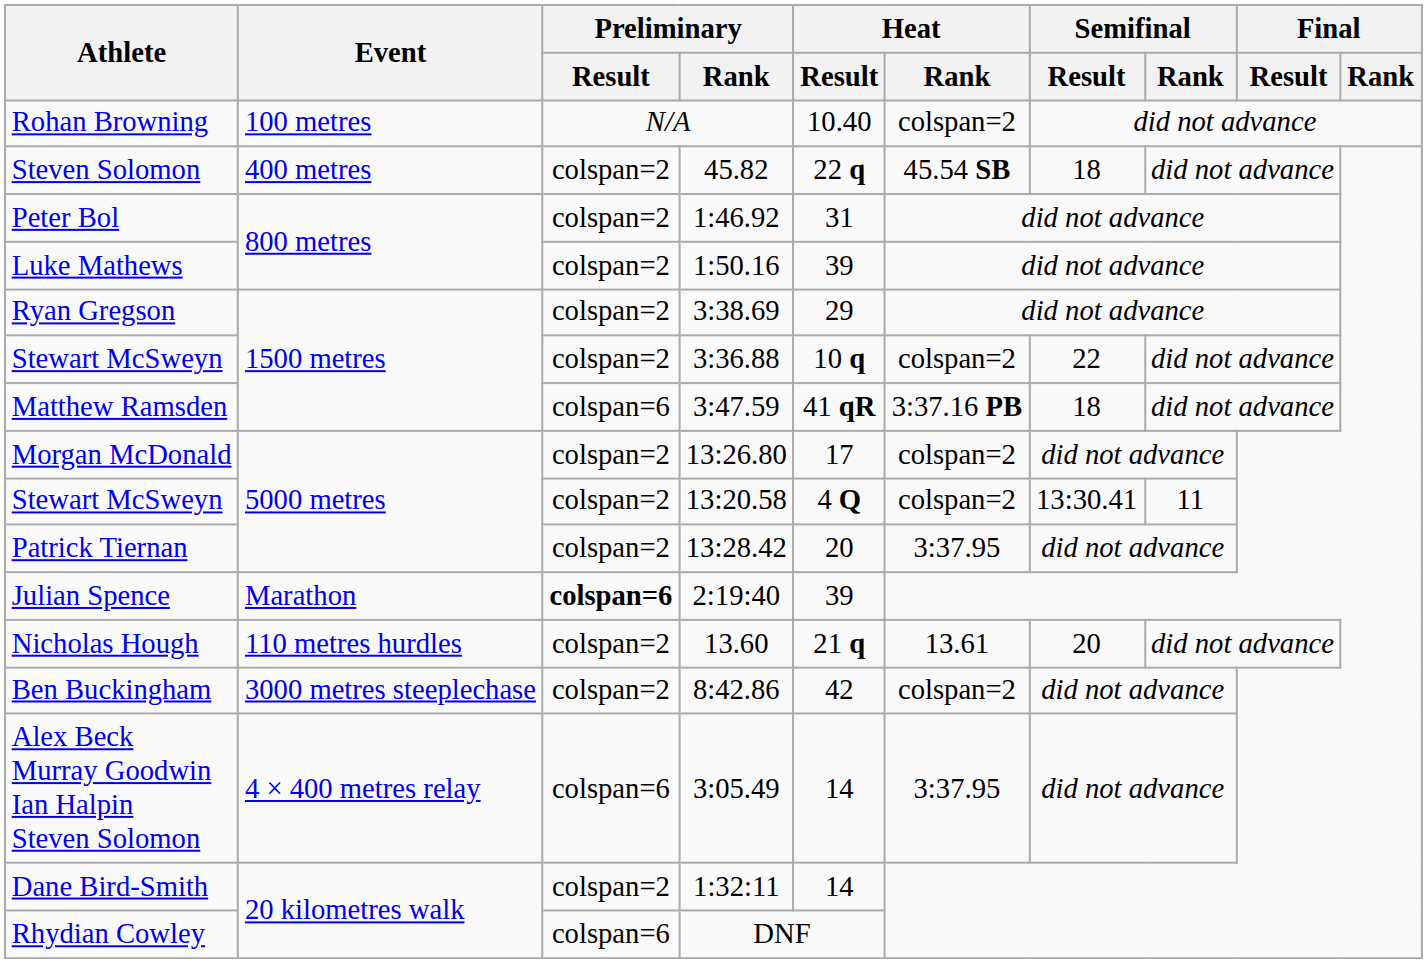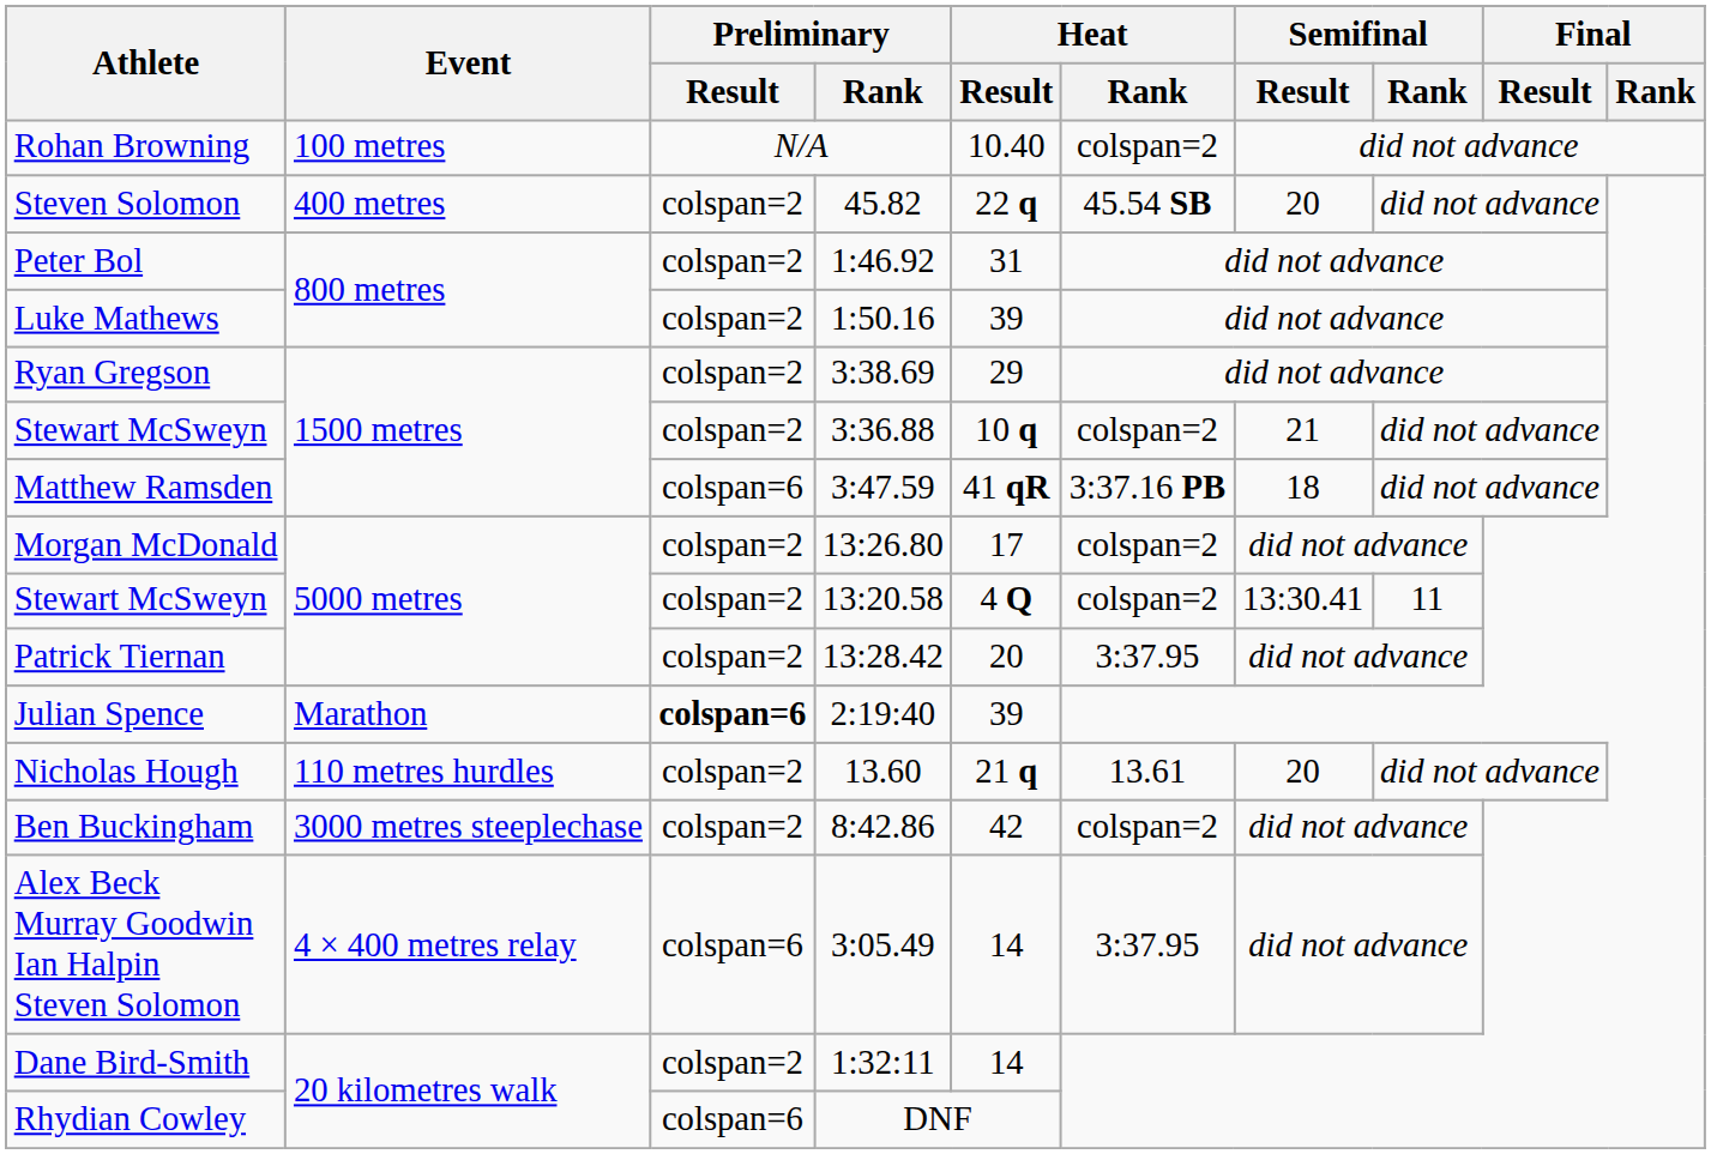 <table class="wikitable"  style=font-size:90%>
 <tr>
 <th rowspan="2">Athlete</th>
 <th rowspan="2">Event</th>
 <th colspan="2">Preliminary</th>
 <th colspan="2">Heat</th>
 <th colspan="2">Semifinal</th>
 <th colspan="2">Final</th>
 </tr>
 <tr>
 <th>Result</th>
 <th>Rank</th>
 <th>Result</th>
 <th>Rank</th>
 <th>Result</th>
 <th>Rank</th>
 <th>Result</th>
 <th>Rank</th>
 </tr>
 <tr style=text-align:center>
 <td style=text-align:left><a href='#'>Rohan Browning</a></td>
 <td style=text-align:left><a href='#'>100 metres</a></td>
 <td colspan="2"><em>N/A</em></td>
 <td>10.40</td>
 <td>colspan=2</td>
 <td colspan="4"><em>did not advance</em></td>
 </tr>
 <tr style=text-align:center>
 <td style=text-align:left><a href='#'>Steven Solomon</a></td>
 <td style=text-align:left><a href='#'>400 metres</a></td>
 <td>colspan=2</td>
 <td>45.82</td>
 <td>22 <strong>q</strong></td>
 <td>45.54 <strong>SB</strong></td>
-<td>18</td>
+<td>20</td>
 <td colspan="2"><em>did not advance</em></td>
 </tr>
 <tr style=text-align:center>
 <td style=text-align:left><a href='#'>Peter Bol</a></td>
 <td style=text-align:left rowspan=2><a href='#'>800 metres</a></td>
 <td>colspan=2</td>
 <td>1:46.92</td>
 <td>31</td>
 <td colspan="4"><em>did not advance</em></td>
 </tr>
 <tr style=text-align:center>
 <td style=text-align:left><a href='#'>Luke Mathews</a></td>
 <td>colspan=2</td>
 <td>1:50.16</td>
 <td>39</td>
 <td colspan="4"><em>did not advance</em></td>
 </tr>
 <tr style=text-align:center>
 <td style=text-align:left><a href='#'>Ryan Gregson</a></td>
 <td style=text-align:left rowspan=3><a href='#'>1500 metres</a></td>
 <td>colspan=2</td>
 <td>3:38.69</td>
 <td>29</td>
 <td colspan="4"><em>did not advance</em></td>
 </tr>
 <tr style=text-align:center>
 <td style=text-align:left><a href='#'>Stewart McSweyn</a></td>
 <td>colspan=2</td>
 <td>3:36.88</td>
 <td>10 <strong>q</strong></td>
 <td>colspan=2</td>
-<td>22</td>
+<td>21</td>
 <td colspan="2"><em>did not advance</em></td>
 </tr>
 <tr style=text-align:center>
 <td style=text-align:left><a href='#'>Matthew Ramsden</a></td>
 <td>colspan=6</td>
 <td>3:47.59</td>
 <td>41 <strong>qR</strong></td>
 <td>3:37.16 <strong>PB</strong></td>
 <td>18</td>
 <td colspan="2"><em>did not advance</em></td>
 </tr>
 <tr style=text-align:center>
 <td style=text-align:left><a href='#'>Morgan McDonald</a></td>
 <td style=text-align:left rowspan=3><a href='#'>5000 metres</a></td>
 <td>colspan=2</td>
 <td>13:26.80</td>
 <td>17</td>
 <td>colspan=2</td>
 <td colspan="2"><em>did not advance</em></td>
 </tr>
 <tr style=text-align:center>
 <td style=text-align:left><a href='#'>Stewart McSweyn</a></td>
 <td>colspan=2</td>
 <td>13:20.58</td>
 <td>4 <strong>Q</strong></td>
 <td>colspan=2</td>
 <td>13:30.41</td>
 <td>11</td>
 </tr>
 <tr style=text-align:center>
 <td style=text-align:left><a href='#'>Patrick Tiernan</a></td>
 <td>colspan=2</td>
 <td>13:28.42</td>
 <td>20</td>
 <td>3:37.95</td>
 <td colspan="2"><em>did not advance</em></td>
 </tr>
 <tr style=text-align:center>
 <td style=text-align:left><a href='#'>Julian Spence</a></td>
 <td style=text-align:left><a href='#'>Marathon</a></td>
 <td><strong>colspan=6</strong></td>
 <td>2:19:40</td>
 <td>39</td>
 </tr>
 <tr style=text-align:center>
 <td style=text-align:left><a href='#'>Nicholas Hough</a></td>
 <td style=text-align:left><a href='#'>110 metres hurdles</a></td>
 <td>colspan=2</td>
 <td>13.60</td>
 <td>21 <strong>q</strong></td>
 <td>13.61</td>
 <td>20</td>
 <td colspan="2"><em>did not advance</em></td>
 </tr>
 <tr style=text-align:center>
 <td style=text-align:left><a href='#'>Ben Buckingham</a></td>
 <td style=text-align:left><a href='#'>3000 metres steeplechase</a></td>
 <td>colspan=2</td>
 <td>8:42.86</td>
 <td>42</td>
 <td>colspan=2</td>
 <td colspan="2"><em>did not advance</em></td>
 </tr>
 <tr style=text-align:center>
 <td style=text-align:left><a href='#'>Alex Beck</a><br><a href='#'>Murray Goodwin</a><br><a href='#'>Ian Halpin</a><br><a href='#'>Steven Solomon</a></td>
 <td style=text-align:left><a href='#'>4 × 400 metres relay</a></td>
 <td>colspan=6</td>
 <td>3:05.49</td>
 <td>14</td>
 <td>3:37.95</td>
 <td colspan="2"><em>did not advance</em></td>
 </tr>
 <tr style=text-align:center>
 <td style=text-align:left><a href='#'>Dane Bird-Smith</a></td>
 <td style=text-align:left rowspan=2><a href='#'>20 kilometres walk</a></td>
 <td>colspan=2</td>
 <td>1:32:11</td>
 <td>14</td>
 </tr>
 <tr style=text-align:center>
 <td style=text-align:left><a href='#'>Rhydian Cowley</a></td>
 <td>colspan=6</td>
 <td colspan="2">DNF</td>
 </tr>
 </table>
